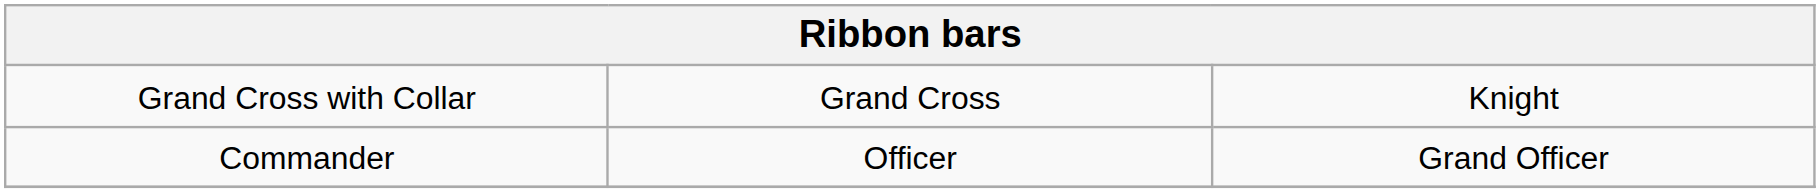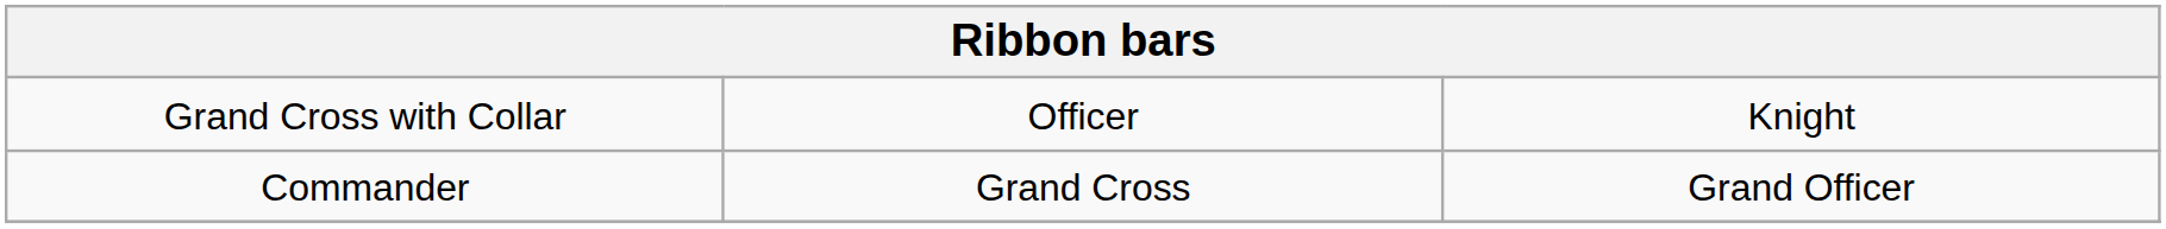 <table class=wikitable width=60% align=center>
 <tr>
 <th colspan=5>Ribbon bars</th>
 </tr>
 <tr>
 <td width=20% valign=top align=center><small>Grand Cross with Collar</small></td>
-<td width=20% valign=top align=center><small>Grand Cross</small></td>
+<td width=20% valign=top align=center><small>Officer</small></td>
 <td width=20% valign=top align=center><small>Knight</small></td>
 </tr>
 <tr>
 <td width=20% valign=top align=center><small>Commander</small></td>
-<td width=20% valign=top align=center><small>Officer</small></td>
+<td width=20% valign=top align=center><small>Grand Cross</small></td>
 <td width=20% valign=top align=center><small>Grand Officer</small></td>
 </tr>
 <tr>
 </tr>
 </table>
